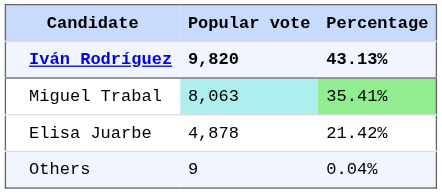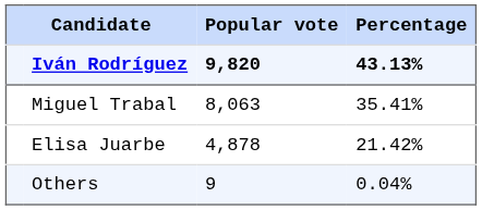 <table style="border: 1px solid #666666; border-collapse: collapse" align="center" cellpadding="6">
 <tr style="background-color: #C9DBFC">
 <th colspan="2">Candidate</th>
 <th>Popular vote</th>
 <th>Percentage</th>
 </tr>
 <tr style="background-color: #F0F5FE">
 <td style="border-top: 1px solid #DDDDDD"></td>
 <td style="border-top: 1px solid #DDDDDD"><strong><a href='#'>Iván Rodríguez</a></strong></td>
 <td style="border-top: 1px solid #DDDDDD"><strong>9,820</strong></td>
 <td style="border-top: 1px solid #DDDDDD"><strong>43.13%</strong></td>
 </tr>
 <tr>
 <td style="border-top: 1px solid #666666"></td>
 <td style="border-top: 1px solid #666666">Miguel Trabal</td>
-<td style="background: paleturquoise; border-top: 1px solid #666666">8,063</td>
-<td style="background: lightgreen; border-top: 1px solid #666666">35.41%</td>
+<td style="border-top: 1px solid #666666">8,063</td>
+<td style="border-top: 1px solid #666666">35.41%</td>
 </tr>
 <tr>
 <td style="border-top: 1px solid #DDDDDD"></td>
 <td style="border-top: 1px solid #DDDDDD">Elisa Juarbe</td>
 <td style="border-top: 1px solid #DDDDDD">4,878</td>
 <td style="border-top: 1px solid #DDDDDD">21.42%</td>
 </tr>
 <tr style="background-color: #F0F5FE">
 <td style="border-top: 1px solid #DDDDDD"></td>
 <td style="border-top: 1px solid #DDDDDD">Others</td>
 <td style="border-top: 1px solid #DDDDDD">9</td>
 <td style="border-top: 1px solid #DDDDDD">0.04%</td>
 </tr>
 </table>
